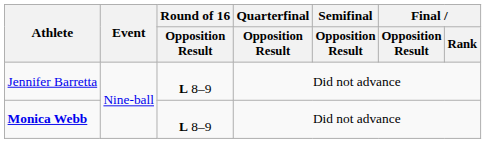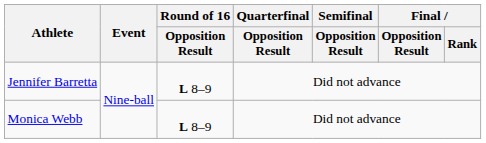 <table class=wikitable style=font-size:90%;text-align:center>
 <tr>
 <th rowspan=2>Athlete</th>
 <th rowspan=2>Event</th>
 <th>Round of 16</th>
 <th>Quarterfinal</th>
 <th>Semifinal</th>
 <th colspan=2>Final / </th>
 </tr>
 <tr style=font-size:95%>
 <th>Opposition<br>Result</th>
 <th>Opposition<br>Result</th>
 <th>Opposition<br>Result</th>
 <th>Opposition<br>Result</th>
 <th>Rank</th>
 </tr>
 <tr>
 <td align=left><a href='#'>Jennifer Barretta</a></td>
 <td align=left rowspan=2><a href='#'>Nine-ball</a></td>
 <td><br><strong>L</strong> 8–9</td>
 <td colspan=4>Did not advance</td>
 </tr>
 <tr>
-<td align=left><strong><a href='#'>Monica Webb</a></strong></td>
+<td align=left><a href='#'>Monica Webb</a></td>
 <td><br><strong>L</strong> 8–9</td>
 <td colspan=4>Did not advance</td>
 </tr>
 </table>
